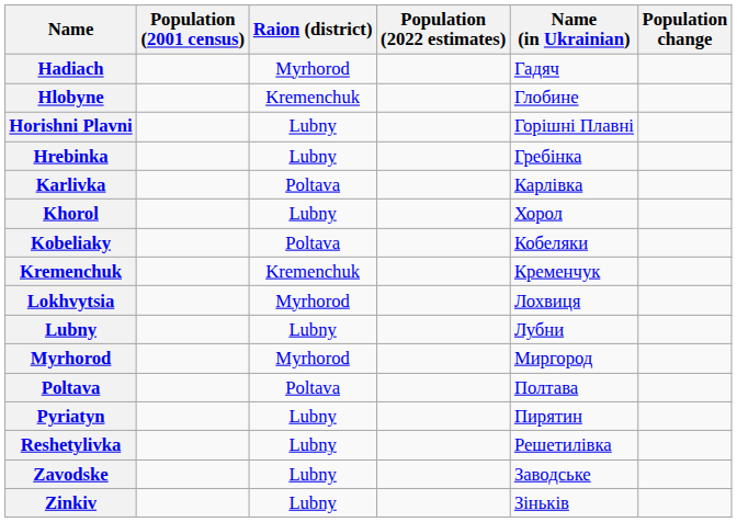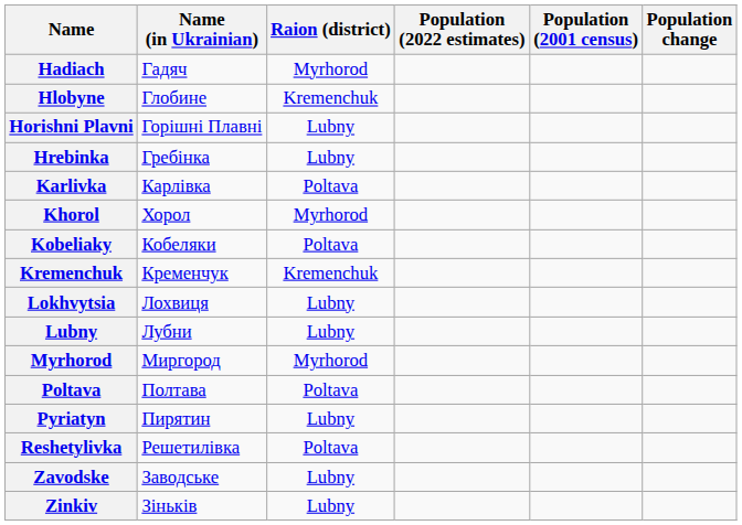 <table class="wikitable sortable" id="Table of cities" caption="Tabulated list of cities in ">
 <tr>
 <th scope="col">Name</th>
-<th scope="col">Population<br>(<a href='#'>2001 census</a>)</th>
+<th scope="col">Name<br>(in <a href='#'>Ukrainian</a>)</th>
 <th scope="col"><a href='#'>Raion</a> (district)</th>
 <th scope="col">Population<br>(2022 estimates)</th>
-<th scope="col">Name<br>(in <a href='#'>Ukrainian</a>)</th>
+<th scope="col">Population<br>(<a href='#'>2001 census</a>)</th>
 <th scope="col">Population<br>change</th>
 </tr>
 <tr>
 <th scope="row" align="left"><a href='#'>Hadiach</a></th>
-<td align=right></td>
+<td><a href='#'>Гадяч</a></td>
 <td align=center><a href='#'>Myrhorod</a></td>
 <td align=right></td>
-<td><a href='#'>Гадяч</a></td>
+<td align=right></td>
 <td align=right></td>
 </tr>
 <tr>
 <th scope="row" align="left"><a href='#'>Hlobyne</a></th>
-<td align=right></td>
+<td><a href='#'>Глобине</a></td>
 <td align=center><a href='#'>Kremenchuk</a></td>
 <td align=right></td>
-<td><a href='#'>Глобине</a></td>
+<td align=right></td>
 <td align=right></td>
 </tr>
 <tr>
 <th scope="row" align="left"><a href='#'>Horishni Plavni</a></th>
-<td align=right></td>
+<td><a href='#'>Горішні Плавні</a></td>
 <td align=center><a href='#'>Lubny</a></td>
 <td align=right></td>
-<td><a href='#'>Горішні Плавні</a></td>
+<td align=right></td>
 <td align=right></td>
 </tr>
 <tr>
 <th scope="row" align="left"><a href='#'>Hrebinka</a></th>
-<td align=right></td>
+<td><a href='#'>Гребінка</a></td>
 <td align=center><a href='#'>Lubny</a></td>
 <td align=right></td>
-<td><a href='#'>Гребінка</a></td>
+<td align=right></td>
 <td align=right></td>
 </tr>
 <tr>
 <th scope="row" align="left"><a href='#'>Karlivka</a></th>
-<td align=right></td>
+<td><a href='#'>Карлівка</a></td>
 <td align=center><a href='#'>Poltava</a></td>
 <td align=right></td>
-<td><a href='#'>Карлівка</a></td>
+<td align=right></td>
 <td align=right></td>
 </tr>
 <tr>
 <th scope="row" align="left"><a href='#'>Khorol</a></th>
+<td><a href='#'>Хорол</a></td>
+<td align=center><a href='#'>Myrhorod</a></td>
 <td align=right></td>
-<td align=center><a href='#'>Lubny</a></td>
 <td align=right></td>
-<td><a href='#'>Хорол</a></td>
 <td align=right></td>
 </tr>
 <tr>
 <th scope="row" align="left"><a href='#'>Kobeliaky</a></th>
-<td align=right></td>
+<td><a href='#'>Кобеляки</a></td>
 <td align=center><a href='#'>Poltava</a></td>
 <td align=right></td>
-<td><a href='#'>Кобеляки</a></td>
+<td align=right></td>
 <td align=right></td>
 </tr>
 <tr>
 <th scope="row" align="left"><a href='#'>Kremenchuk</a></th>
-<td align=right></td>
+<td><a href='#'>Кременчук</a></td>
 <td align=center><a href='#'>Kremenchuk</a></td>
 <td align=right></td>
-<td><a href='#'>Кременчук</a></td>
+<td align=right></td>
 <td align=right></td>
 </tr>
 <tr>
 <th scope="row" align="left"><a href='#'>Lokhvytsia</a></th>
+<td><a href='#'>Лохвиця</a></td>
+<td align=center><a href='#'>Lubny</a></td>
 <td align=right></td>
-<td align=center><a href='#'>Myrhorod</a></td>
 <td align=right></td>
-<td><a href='#'>Лохвиця</a></td>
 <td align=right></td>
 </tr>
 <tr>
 <th scope="row" align="left"><a href='#'>Lubny</a></th>
-<td align=right></td>
+<td><a href='#'>Лубни</a></td>
 <td align=center><a href='#'>Lubny</a></td>
 <td align=right></td>
-<td><a href='#'>Лубни</a></td>
+<td align=right></td>
 <td align=right></td>
 </tr>
 <tr>
 <th scope="row" align="left"><a href='#'>Myrhorod</a></th>
-<td align=right></td>
+<td><a href='#'>Миргород</a></td>
 <td align=center><a href='#'>Myrhorod</a></td>
 <td align=right></td>
-<td><a href='#'>Миргород</a></td>
+<td align=right></td>
 <td align=right></td>
 </tr>
 <tr>
 <th scope="row" align="left"><a href='#'>Poltava</a></th>
-<td align=right></td>
+<td><a href='#'>Полтава</a></td>
 <td align=center><a href='#'>Poltava</a></td>
 <td align=right></td>
-<td><a href='#'>Полтава</a></td>
+<td align=right></td>
 <td align=right></td>
 </tr>
 <tr>
 <th scope="row" align="left"><a href='#'>Pyriatyn</a></th>
-<td align=right></td>
+<td><a href='#'>Пирятин</a></td>
 <td align=center><a href='#'>Lubny</a></td>
 <td align=right></td>
-<td><a href='#'>Пирятин</a></td>
+<td align=right></td>
 <td align=right></td>
 </tr>
 <tr>
 <th scope="row" align="left"><a href='#'>Reshetylivka</a></th>
+<td><a href='#'>Решетилівка</a></td>
+<td align=center><a href='#'>Poltava</a></td>
 <td align=right></td>
-<td align=center><a href='#'>Lubny</a></td>
 <td align=right></td>
-<td><a href='#'>Решетилівка</a></td>
 <td align=right></td>
 </tr>
 <tr>
 <th scope="row" align="left"><a href='#'>Zavodske</a></th>
-<td align=right></td>
+<td><a href='#'>Заводське</a></td>
 <td align=center><a href='#'>Lubny</a></td>
 <td align=right></td>
-<td><a href='#'>Заводське</a></td>
+<td align=right></td>
 <td align=right></td>
 </tr>
 <tr>
 <th scope="row" align="left"><a href='#'>Zinkiv</a></th>
-<td align=right></td>
+<td><a href='#'>Зіньків</a></td>
 <td align=center><a href='#'>Lubny</a></td>
 <td align=right></td>
-<td><a href='#'>Зіньків</a></td>
+<td align=right></td>
 <td align=right></td>
 </tr>
 </table>
